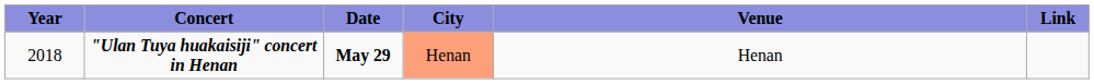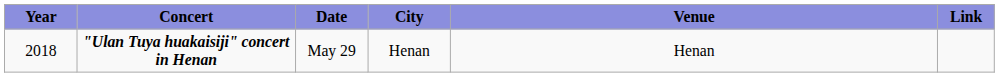 <table class="wikitable sortable mw-collapsible" width="80%" style="text-align:center">
 <tr align="center" style="background:#8B8EDE">
 <td style="width:2%"><strong>Year</strong></td>
 <td style="width:8%"><strong>Concert</strong></td>
 <td style="width:2%"><strong>Date</strong></td>
 <td style="width:2%"><strong>City</strong></td>
 <td style="width:18%"><strong>Venue</strong></td>
 <td style="width:1%"><strong>Link</strong></td>
 </tr>
 <tr>
 <td rowspan="2">2018</td>
 <td rowspan="2"><strong><em>"Ulan Tuya huakaisiji" concert in Henan</em></strong></td>
-<td><strong>May 29</strong></td>
-<td style="background: lightsalmon;">Henan</td>
+<td>May 29</td>
+<td>Henan</td>
 <td>Henan</td>
 <td></td>
 </tr>
 </table>
